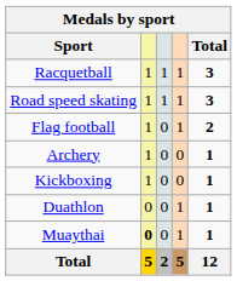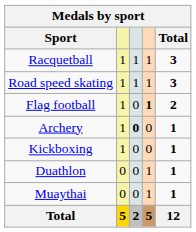 <table class=wikitable style=font-size:85%;float:right;text-align:center>
 <tr>
 <th colspan=5>Medals by sport</th>
 </tr>
 <tr>
 <th>Sport</th>
 <td bgcolor=F7F6A8></td>
 <td bgcolor=DCE5E5></td>
 <td bgcolor=FFDAB9></td>
 <th>Total</th>
 </tr>
 <tr>
 <td><a href='#'>Racquetball</a></td>
 <td bgcolor=F7F6A8>1</td>
 <td bgcolor=DCE5E5>1</td>
 <td bgcolor=FFDAB9>1</td>
 <td><strong>3</strong></td>
 </tr>
 <tr>
 <td><a href='#'>Road speed skating</a></td>
 <td bgcolor=F7F6A8>1</td>
 <td bgcolor=DCE5E5>1</td>
 <td bgcolor=FFDAB9>1</td>
 <td><strong>3</strong></td>
 </tr>
 <tr>
 <td><a href='#'>Flag football</a></td>
 <td bgcolor=F7F6A8>1</td>
 <td bgcolor=DCE5E5>0</td>
-<td bgcolor=FFDAB9>1</td>
+<td bgcolor=FFDAB9><strong>1</strong></td>
 <td><strong>2</strong></td>
 </tr>
 <tr>
 <td><a href='#'>Archery</a></td>
 <td bgcolor=F7F6A8>1</td>
-<td bgcolor=DCE5E5>0</td>
+<td bgcolor=DCE5E5><strong>0</strong></td>
 <td bgcolor=FFDAB9>0</td>
 <td><strong>1</strong></td>
 </tr>
 <tr>
 <td><a href='#'>Kickboxing</a></td>
 <td bgcolor=F7F6A8>1</td>
 <td bgcolor=DCE5E5>0</td>
 <td bgcolor=FFDAB9>0</td>
 <td><strong>1</strong></td>
 </tr>
 <tr>
 <td><a href='#'>Duathlon</a></td>
 <td bgcolor=F7F6A8>0</td>
 <td bgcolor=DCE5E5>0</td>
 <td bgcolor=FFDAB9>1</td>
 <td><strong>1</strong></td>
 </tr>
 <tr>
 <td><a href='#'>Muaythai</a></td>
-<td bgcolor=F7F6A8><strong>0</strong></td>
+<td bgcolor=F7F6A8>0</td>
 <td bgcolor=DCE5E5>0</td>
 <td bgcolor=FFDAB9>1</td>
 <td><strong>1</strong></td>
 </tr>
 <tr>
 <th>Total</th>
 <th style=background:gold>5</th>
 <th style=background:silver>2</th>
 <th style=background:#c96>5</th>
 <th>12</th>
 </tr>
 </table>
